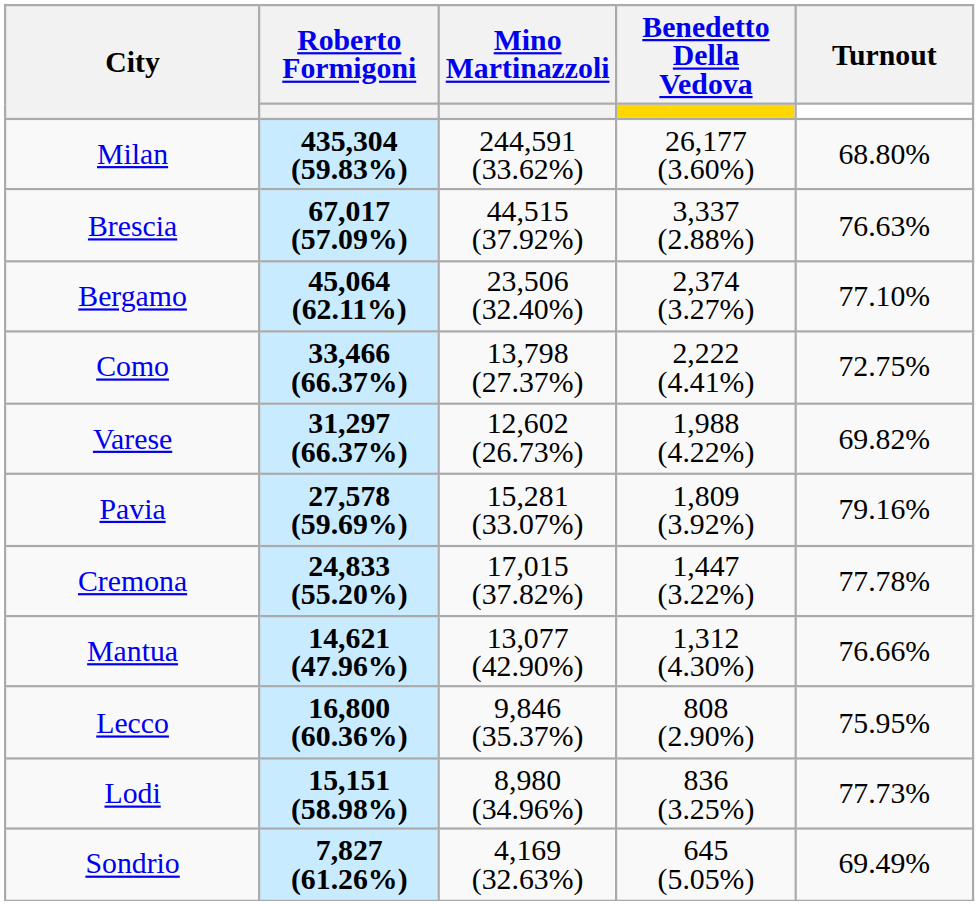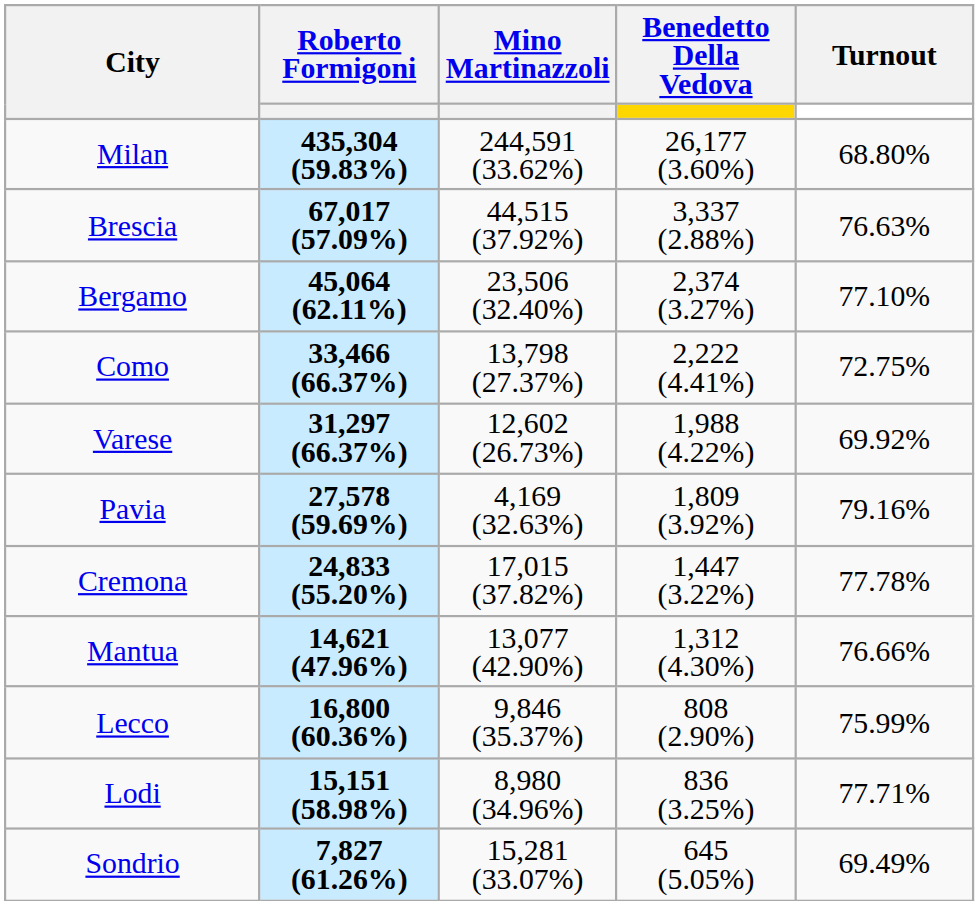 <table class="wikitable" style="text-align:center;font-size:85%;line-height:13px">
 <tr style="height:30px; background-color:#E9E9E9">
 <th style="width:110px;" rowspan="2">City</th>
 <th style="width:75px;"><a href='#'>Roberto Formigoni</a></th>
 <th style="width:75px;"><a href='#'>Mino Martinazzoli</a></th>
 <th style="width:75px;"><a href='#'>Benedetto Della Vedova</a></th>
 <th style="width:75px;">Turnout</th>
 </tr>
 <tr>
 <th style="background:"></th>
 <th style="background:"></th>
 <th style="background:gold;"></th>
 <th style="background:white;"></th>
 </tr>
 <tr>
 <td><a href='#'>Milan</a></td>
 <td style="background:#C8EBFF"><strong>435,304 <br>(59.83%)</strong></td>
 <td>244,591 <br>(33.62%)</td>
 <td>26,177 <br>(3.60%)</td>
 <td>68.80%</td>
 </tr>
 <tr>
 <td><a href='#'>Brescia</a></td>
 <td style="background:#C8EBFF"><strong>67,017 <br>(57.09%)</strong></td>
 <td>44,515 <br>(37.92%)</td>
 <td>3,337 <br>(2.88%)</td>
 <td>76.63%</td>
 </tr>
 <tr>
 <td><a href='#'>Bergamo</a></td>
 <td style="background:#C8EBFF"><strong>45,064 <br>(62.11%)</strong></td>
 <td>23,506 <br>(32.40%)</td>
 <td>2,374 <br>(3.27%)</td>
 <td>77.10%</td>
 </tr>
 <tr>
 <td><a href='#'>Como</a></td>
 <td style="background:#C8EBFF"><strong>33,466 <br>(66.37%)</strong></td>
 <td>13,798 <br>(27.37%)</td>
 <td>2,222 <br>(4.41%)</td>
 <td>72.75%</td>
 </tr>
 <tr>
 <td><a href='#'>Varese</a></td>
 <td style="background:#C8EBFF"><strong>31,297 <br>(66.37%)</strong></td>
 <td>12,602 <br>(26.73%)</td>
 <td>1,988 <br>(4.22%)</td>
-<td>69.82%</td>
+<td>69.92%</td>
 </tr>
 <tr>
 <td><a href='#'>Pavia</a></td>
 <td style="background:#C8EBFF"><strong>27,578 <br>(59.69%)</strong></td>
-<td>15,281 <br>(33.07%)</td>
+<td>4,169 <br>(32.63%)</td>
 <td>1,809 <br>(3.92%)</td>
 <td>79.16%</td>
 </tr>
 <tr>
 <td><a href='#'>Cremona</a></td>
 <td style="background:#C8EBFF"><strong>24,833 <br>(55.20%)</strong></td>
 <td>17,015 <br>(37.82%)</td>
 <td>1,447 <br>(3.22%)</td>
 <td>77.78%</td>
 </tr>
 <tr>
 <td><a href='#'>Mantua</a></td>
 <td style="background:#C8EBFF"><strong>14,621 <br>(47.96%)</strong></td>
 <td>13,077 <br>(42.90%)</td>
 <td>1,312 <br>(4.30%)</td>
 <td>76.66%</td>
 </tr>
 <tr>
 <td><a href='#'>Lecco</a></td>
 <td style="background:#C8EBFF"><strong>16,800 <br>(60.36%)</strong></td>
 <td>9,846 <br>(35.37%)</td>
 <td>808 <br>(2.90%)</td>
-<td>75.95%</td>
+<td>75.99%</td>
 </tr>
 <tr>
 <td><a href='#'>Lodi</a></td>
 <td style="background:#C8EBFF"><strong>15,151 <br>(58.98%)</strong></td>
 <td>8,980 <br>(34.96%)</td>
 <td>836 <br>(3.25%)</td>
-<td>77.73%</td>
+<td>77.71%</td>
 </tr>
 <tr>
 <td><a href='#'>Sondrio</a></td>
 <td style="background:#C8EBFF"><strong>7,827<br>(61.26%)</strong></td>
-<td>4,169 <br>(32.63%)</td>
+<td>15,281 <br>(33.07%)</td>
 <td>645 <br>(5.05%)</td>
 <td>69.49%</td>
 </tr>
 </table>
